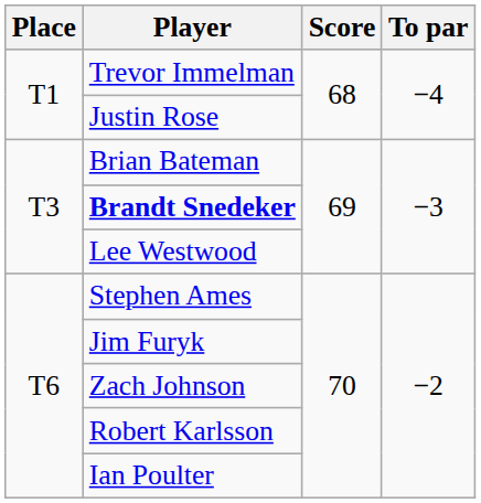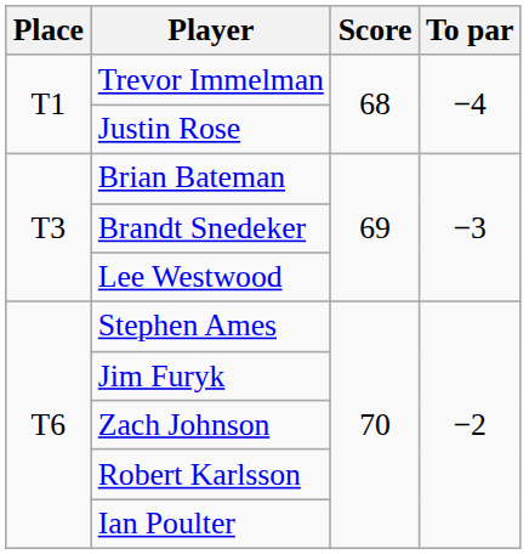 <table class="wikitable">
 <tr>
 <th>Place</th>
 <th>Player</th>
 <th>Score</th>
 <th>To par</th>
 </tr>
 <tr>
 <td rowspan="2" align=center>T1</td>
 <td> <a href='#'>Trevor Immelman</a></td>
 <td rowspan="2" align=center>68</td>
 <td rowspan="2" align=center>−4</td>
 </tr>
 <tr>
 <td> <a href='#'>Justin Rose</a></td>
 </tr>
 <tr>
 <td rowspan="3" align=center>T3</td>
 <td> <a href='#'>Brian Bateman</a></td>
 <td rowspan="3" align=center>69</td>
 <td rowspan="3" align=center>−3</td>
 </tr>
 <tr>
-<td><strong> <a href='#'>Brandt Snedeker</a></strong></td>
+<td> <a href='#'>Brandt Snedeker</a></td>
 </tr>
 <tr>
 <td> <a href='#'>Lee Westwood</a></td>
 </tr>
 <tr>
 <td rowspan="5" align=center>T6</td>
 <td> <a href='#'>Stephen Ames</a></td>
 <td rowspan="5" align=center>70</td>
 <td rowspan="5" align=center>−2</td>
 </tr>
 <tr>
 <td> <a href='#'>Jim Furyk</a></td>
 </tr>
 <tr>
 <td> <a href='#'>Zach Johnson</a></td>
 </tr>
 <tr>
 <td> <a href='#'>Robert Karlsson</a></td>
 </tr>
 <tr>
 <td> <a href='#'>Ian Poulter</a></td>
 </tr>
 </table>
